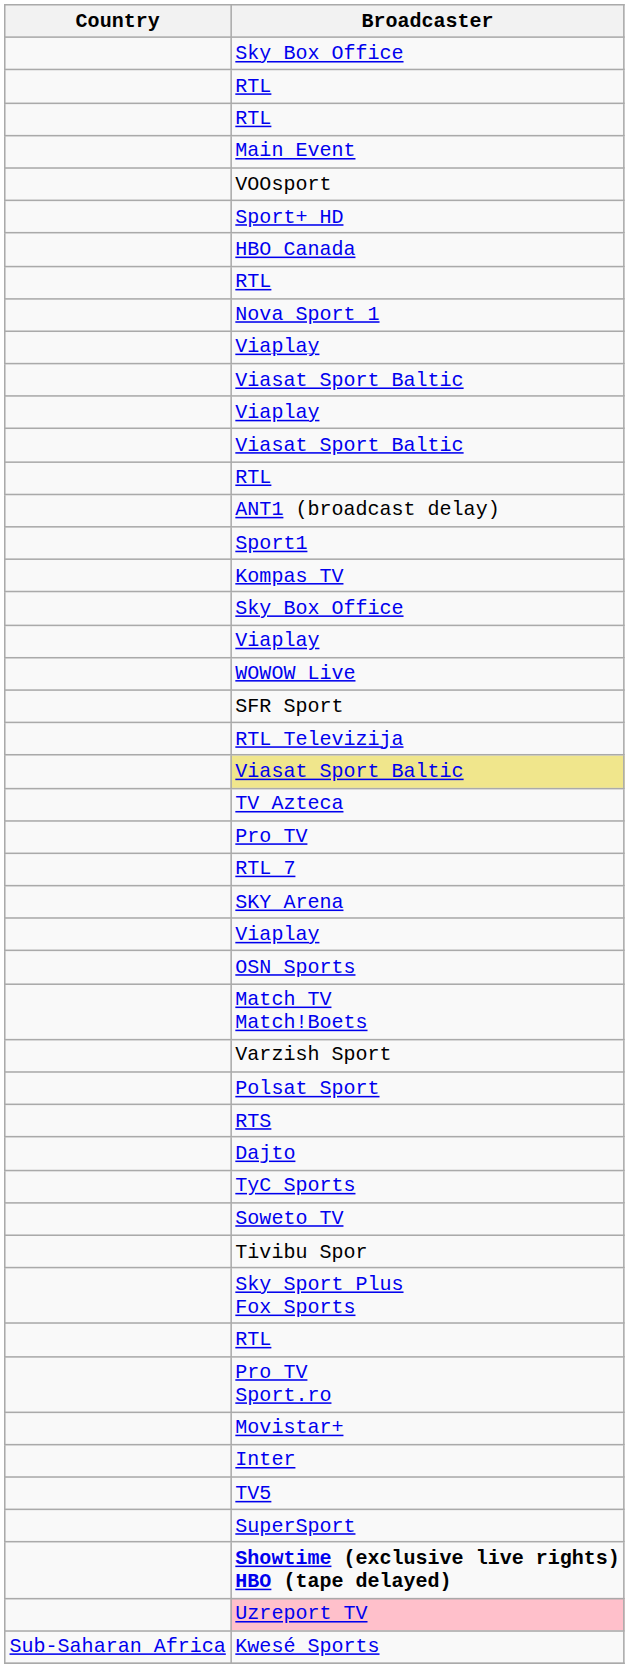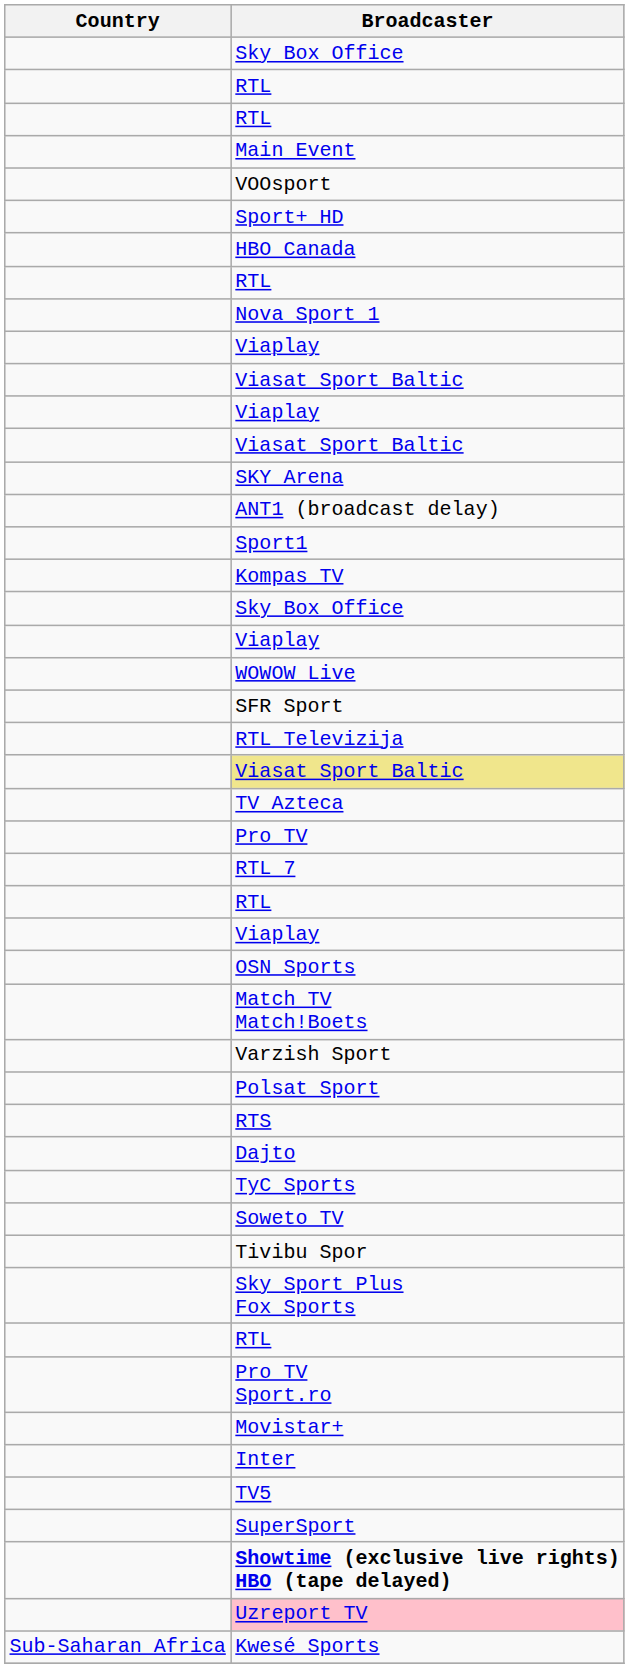 <table class="wikitable">
 <tr>
 <th align=center>Country</th>
 <th align=center>Broadcaster</th>
 </tr>
 <tr>
 <td></td>
 <td><a href='#'>Sky Box Office</a></td>
 </tr>
 <tr>
 <td></td>
 <td><a href='#'>RTL</a></td>
 </tr>
 <tr>
 <td></td>
 <td><a href='#'>RTL</a></td>
 </tr>
 <tr>
 <td></td>
 <td><a href='#'>Main Event</a></td>
 </tr>
 <tr>
 <td></td>
 <td>VOOsport</td>
 </tr>
 <tr>
 <td></td>
 <td><a href='#'>Sport+ HD</a></td>
 </tr>
 <tr>
 <td></td>
 <td><a href='#'>HBO Canada</a></td>
 </tr>
 <tr>
 <td></td>
 <td><a href='#'>RTL</a></td>
 </tr>
 <tr>
 <td></td>
 <td><a href='#'>Nova Sport 1</a></td>
 </tr>
 <tr>
 <td></td>
 <td><a href='#'>Viaplay</a></td>
 </tr>
 <tr>
 <td></td>
 <td><a href='#'>Viasat Sport Baltic</a></td>
 </tr>
 <tr>
 <td></td>
 <td><a href='#'>Viaplay</a></td>
 </tr>
 <tr>
 <td></td>
 <td><a href='#'>Viasat Sport Baltic</a></td>
 </tr>
 <tr>
 <td></td>
-<td><a href='#'>RTL</a></td>
+<td><a href='#'>SKY Arena</a></td>
 </tr>
 <tr>
 <td></td>
 <td><a href='#'>ANT1</a>  (broadcast delay)</td>
 </tr>
 <tr>
 <td></td>
 <td><a href='#'>Sport1</a></td>
 </tr>
 <tr>
 <td></td>
 <td><a href='#'>Kompas TV</a></td>
 </tr>
 <tr>
 <td></td>
 <td><a href='#'>Sky Box Office</a></td>
 </tr>
 <tr>
 <td></td>
 <td><a href='#'>Viaplay</a></td>
 </tr>
 <tr>
 <td></td>
 <td><a href='#'>WOWOW Live</a></td>
 </tr>
 <tr>
 <td></td>
 <td>SFR Sport</td>
 </tr>
 <tr>
 <td></td>
 <td><a href='#'>RTL Televizija</a></td>
 </tr>
 <tr>
 <td></td>
 <td style="background: khaki;"><a href='#'>Viasat Sport Baltic</a></td>
 </tr>
 <tr>
 <td></td>
 <td><a href='#'>TV Azteca</a></td>
 </tr>
 <tr>
 <td></td>
 <td><a href='#'>Pro TV</a></td>
 </tr>
 <tr>
 <td></td>
 <td><a href='#'>RTL 7</a></td>
 </tr>
 <tr>
 <td></td>
-<td><a href='#'>SKY Arena</a></td>
+<td><a href='#'>RTL</a></td>
 </tr>
 <tr>
 <td></td>
 <td><a href='#'>Viaplay</a></td>
 </tr>
 <tr>
 <td></td>
 <td><a href='#'>OSN Sports</a></td>
 </tr>
 <tr>
 <td></td>
 <td><a href='#'>Match TV</a> <br> <a href='#'>Match!Boets</a></td>
 </tr>
 <tr>
 <td></td>
 <td>Varzish Sport</td>
 </tr>
 <tr>
 <td></td>
 <td><a href='#'>Polsat Sport</a></td>
 </tr>
 <tr>
 <td></td>
 <td><a href='#'>RTS</a></td>
 </tr>
 <tr>
 <td></td>
 <td><a href='#'>Dajto</a></td>
 </tr>
 <tr>
 <td></td>
 <td><a href='#'>TyC Sports</a></td>
 </tr>
 <tr>
 <td></td>
 <td><a href='#'>Soweto TV</a></td>
 </tr>
 <tr>
 <td></td>
 <td>Tivibu Spor</td>
 </tr>
 <tr>
 <td></td>
 <td><a href='#'>Sky Sport Plus</a> <br> <a href='#'>Fox Sports</a></td>
 </tr>
 <tr>
 <td></td>
 <td><a href='#'>RTL</a></td>
 </tr>
 <tr>
 <td></td>
 <td><a href='#'>Pro TV</a><br><a href='#'>Sport.ro</a></td>
 </tr>
 <tr>
 <td></td>
 <td><a href='#'>Movistar+</a></td>
 </tr>
 <tr>
 <td></td>
 <td><a href='#'>Inter</a></td>
 </tr>
 <tr>
 <td></td>
 <td><a href='#'>TV5</a></td>
 </tr>
 <tr>
 <td></td>
 <td><a href='#'>SuperSport</a></td>
 </tr>
 <tr>
 <td></td>
 <td><strong><a href='#'>Showtime</a> (exclusive live rights)<br><a href='#'>HBO</a> (tape delayed)</strong></td>
 </tr>
 <tr>
 <td></td>
 <td style="background: pink;"><a href='#'>Uzreport TV</a></td>
 </tr>
 <tr>
 <td><a href='#'>Sub-Saharan Africa</a></td>
 <td><a href='#'>Kwesé Sports</a></td>
 </tr>
 <tr>
 </tr>
 </table>
